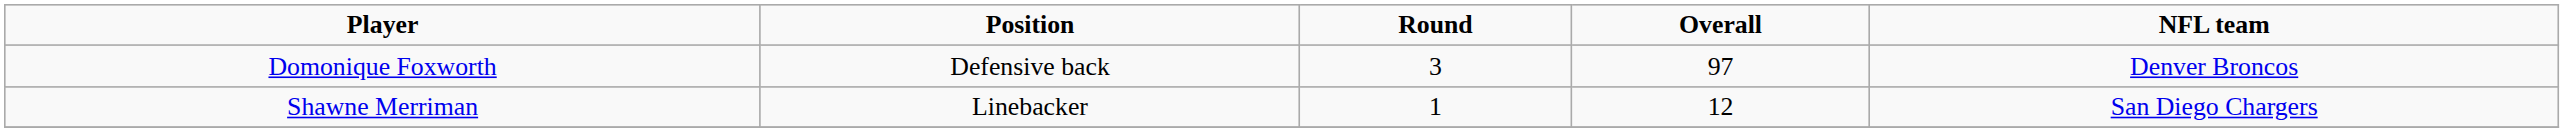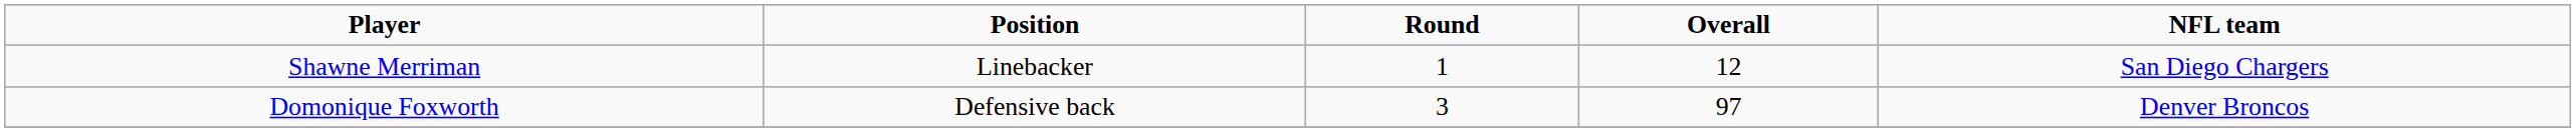 <table class="wikitable" width="80%">
 <tr align="center">
 <td><strong>Player</strong></td>
 <td><strong>Position</strong></td>
 <td><strong>Round</strong></td>
 <td><strong>Overall</strong></td>
 <td><strong>NFL team</strong></td>
 </tr>
 <tr align="center" bgcolor="">
+<td><a href='#'>Shawne Merriman</a></td>
+<td>Linebacker</td>
+<td>1</td>
+<td>12</td>
+<td><a href='#'>San Diego Chargers</a></td>
+</tr>
+<tr align="center" bgcolor="">
 <td><a href='#'>Domonique Foxworth</a></td>
 <td>Defensive back</td>
 <td>3</td>
 <td>97</td>
 <td><a href='#'>Denver Broncos</a></td>
 </tr>
 <tr align="center" bgcolor="">
-<td><a href='#'>Shawne Merriman</a></td>
-<td>Linebacker</td>
-<td>1</td>
-<td>12</td>
-<td><a href='#'>San Diego Chargers</a></td>
-</tr>
-<tr align="center" bgcolor="">
 </tr>
 </table>
